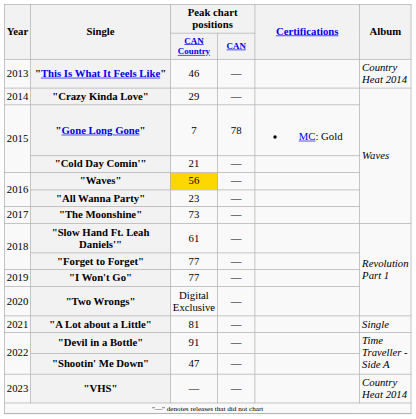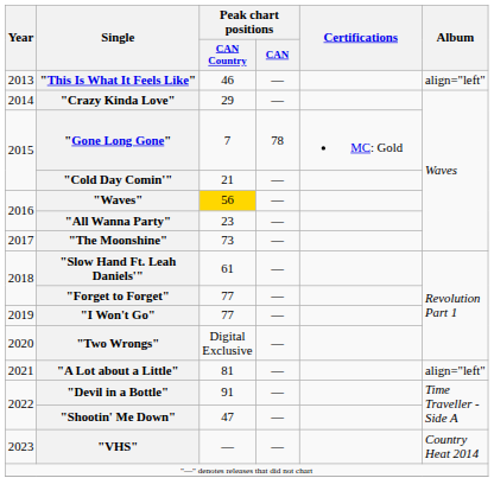 <table class="wikitable plainrowheaders" style="text-align:center;">
 <tr>
 <th rowspan="2">Year</th>
 <th rowspan="2" style="width:14em;">Single</th>
 <th colspan="2">Peak chart<br>positions</th>
 <th rowspan="2" style="width:10em;"><a href='#'>Certifications</a></th>
 <th rowspan="2">Album</th>
 </tr>
 <tr style="font-size:smaller;">
 <th style="width:4em;"><a href='#'>CAN Country</a><br></th>
 <th style="width:4em;"><a href='#'>CAN</a><br></th>
 </tr>
 <tr>
 <td>2013</td>
 <th scope="row">"<a href='#'>This Is What It Feels Like</a>"</th>
 <td>46</td>
 <td>—</td>
 <td></td>
-<td align="left"><em>Country Heat 2014</em></td>
+<td>align="left" </td>
 </tr>
 <tr>
 <td>2014</td>
 <th scope="row">"Crazy Kinda Love"</th>
 <td>29</td>
 <td>—</td>
 <td></td>
 <td align="left" rowspan="6"><em>Waves</em></td>
 </tr>
 <tr>
 <td rowspan="2">2015</td>
 <th scope="row">"<a href='#'>Gone Long Gone</a>"</th>
 <td>7</td>
 <td>78</td>
 <td><br><ul><li><a href='#'>MC</a>: Gold</li></ul></td>
 </tr>
 <tr>
 <th scope="row">"Cold Day Comin'"</th>
 <td>21</td>
 <td>—</td>
 <td></td>
 </tr>
 <tr>
 <td rowspan="2">2016</td>
 <th scope="row">"Waves"</th>
 <td style="background: gold;">56</td>
 <td>—</td>
 <td></td>
 </tr>
 <tr>
 <th scope="row">"All Wanna Party"</th>
 <td>23</td>
 <td>—</td>
 <td></td>
 </tr>
 <tr>
 <td>2017</td>
 <th scope="row">"The Moonshine"</th>
 <td>73</td>
 <td>—</td>
 <td></td>
 </tr>
 <tr>
 <td rowspan="2">2018</td>
 <th scope="row">"Slow Hand Ft. Leah Daniels'"</th>
 <td>61</td>
 <td>—</td>
 <td></td>
 <td align="left" rowspan="4"><em>Revolution Part 1</em></td>
 </tr>
 <tr>
 <th scope="row">"Forget to Forget"</th>
 <td>77</td>
 <td>—</td>
 <td></td>
 </tr>
 <tr>
 <td>2019</td>
 <th scope="row">"I Won't Go"</th>
 <td>77</td>
 <td>—</td>
 <td></td>
 </tr>
 <tr>
 <td>2020</td>
 <th scope="row">"Two Wrongs"</th>
 <td>Digital Exclusive</td>
 <td>—</td>
 <td></td>
 </tr>
 <tr>
 <td>2021</td>
 <th scope="row">"A Lot about a Little"</th>
 <td>81</td>
 <td>—</td>
 <td></td>
-<td align="left" rowspan="1"><em>Single</em></td>
+<td>align="left" </td>
 </tr>
 <tr>
 <td rowspan="2">2022</td>
 <th scope="row">"Devil in a Bottle"</th>
 <td>91</td>
 <td>—</td>
 <td></td>
 <td align="left" rowspan="2"><em>Time Traveller - Side A</em></td>
 </tr>
 <tr>
 <th scope="row">"Shootin' Me Down"</th>
 <td>47</td>
 <td>—</td>
 <td></td>
 </tr>
 <tr>
 <td>2023</td>
 <th scope="row">"VHS"</th>
 <td>—</td>
 <td>—</td>
 <td></td>
 <td align="left"><em>Country Heat 2014</em></td>
 </tr>
 <tr>
 <td colspan="6" style="font-size:8pt">"—" denotes releases that did not chart</td>
 </tr>
 <tr>
 </tr>
 </table>
